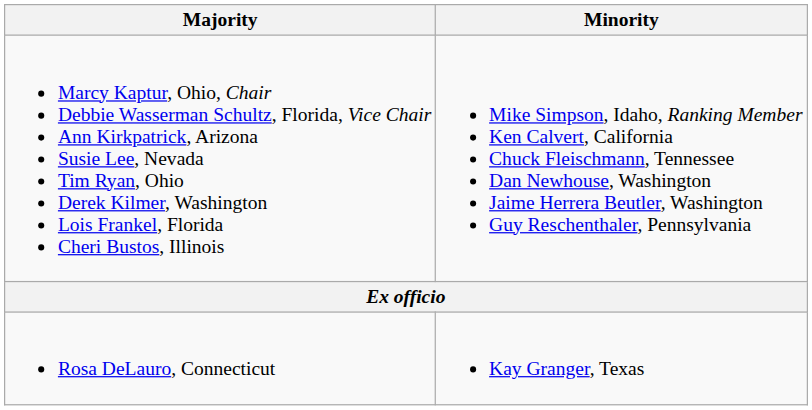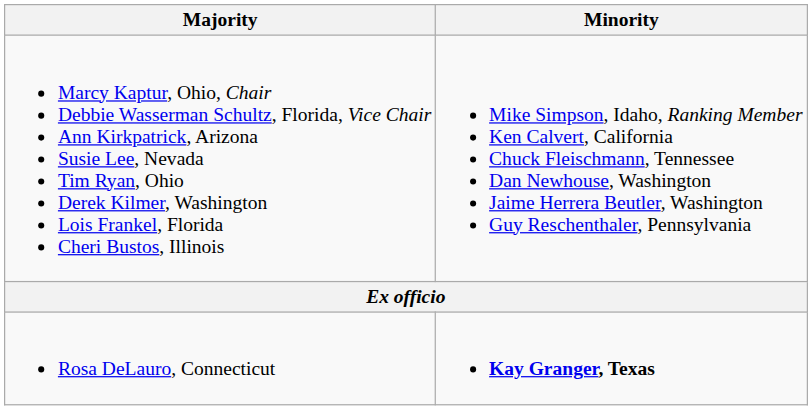 <table class="wikitable">
 <tr>
 <th>Majority</th>
 <th>Minority</th>
 </tr>
 <tr>
 <td><br><ul><li><a href='#'>Marcy Kaptur</a>, Ohio, <em>Chair</em></li><li><a href='#'>Debbie Wasserman Schultz</a>, Florida, <em>Vice Chair</em></li><li><a href='#'>Ann Kirkpatrick</a>, Arizona</li><li><a href='#'>Susie Lee</a>, Nevada</li><li><a href='#'>Tim Ryan</a>, Ohio</li><li><a href='#'>Derek Kilmer</a>, Washington</li><li><a href='#'>Lois Frankel</a>, Florida</li><li><a href='#'>Cheri Bustos</a>, Illinois</li></ul></td>
 <td><br><ul><li><a href='#'>Mike Simpson</a>, Idaho, <em>Ranking Member</em></li><li><a href='#'>Ken Calvert</a>, California</li><li><a href='#'>Chuck Fleischmann</a>, Tennessee</li><li><a href='#'>Dan Newhouse</a>, Washington</li><li><a href='#'>Jaime Herrera Beutler</a>, Washington</li><li><a href='#'>Guy Reschenthaler</a>, Pennsylvania</li></ul></td>
 </tr>
 <tr>
 <th colspan="2"><em>Ex officio</em></th>
 </tr>
 <tr>
 <td><br><ul><li><a href='#'>Rosa DeLauro</a>, Connecticut</li></ul></td>
-<td><br><ul><li><a href='#'>Kay Granger</a>, Texas</li></ul></td>
+<td><strong><br><ul><li><a href='#'>Kay Granger</a>, Texas</li></ul></strong></td>
 </tr>
 </table>
